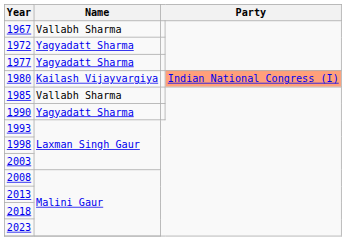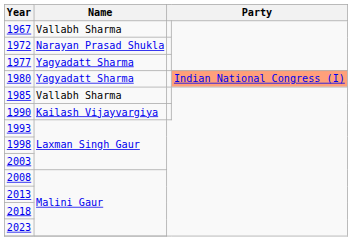 <table class="wikitable">
 <tr>
 <th>Year</th>
 <th>Name</th>
 <th colspan=2>Party</th>
 </tr>
 <tr>
 <td><a href='#'>1967</a></td>
 <td>Vallabh Sharma</td>
 <td></td>
 </tr>
 <tr>
 <td><a href='#'>1972</a></td>
-<td><a href='#'>Yagyadatt Sharma</a></td>
+<td><a href='#'>Narayan Prasad Shukla</a></td>
 <td></td>
 </tr>
 <tr>
 <td><a href='#'>1977</a></td>
 <td><a href='#'>Yagyadatt Sharma</a></td>
 <td></td>
 </tr>
 <tr>
 <td><a href='#'>1980</a></td>
-<td><a href='#'>Kailash Vijayvargiya</a></td>
+<td><a href='#'>Yagyadatt Sharma</a></td>
 <td style="background-color: "></td>
 <td style="background: lightsalmon;"><a href='#'>Indian National Congress (I)</a></td>
 </tr>
 <tr>
 <td><a href='#'>1985</a></td>
 <td>Vallabh Sharma</td>
 <td></td>
 </tr>
 <tr>
 <td><a href='#'>1990</a></td>
-<td><a href='#'>Yagyadatt Sharma</a></td>
+<td><a href='#'>Kailash Vijayvargiya</a></td>
 <td></td>
 </tr>
 <tr>
 <td><a href='#'>1993</a></td>
 <td rowspan="3"><a href='#'>Laxman Singh Gaur</a></td>
 </tr>
 <tr>
 <td><a href='#'>1998</a></td>
 </tr>
 <tr>
 <td><a href='#'>2003</a></td>
 </tr>
 <tr>
 <td><a href='#'>2008</a></td>
 <td rowspan="4"><a href='#'>Malini Gaur</a></td>
 </tr>
 <tr>
 <td><a href='#'>2013</a></td>
 </tr>
 <tr>
 <td><a href='#'>2018</a></td>
 </tr>
 <tr>
 <td><a href='#'>2023</a></td>
 </tr>
 <tr>
 </tr>
 </table>
